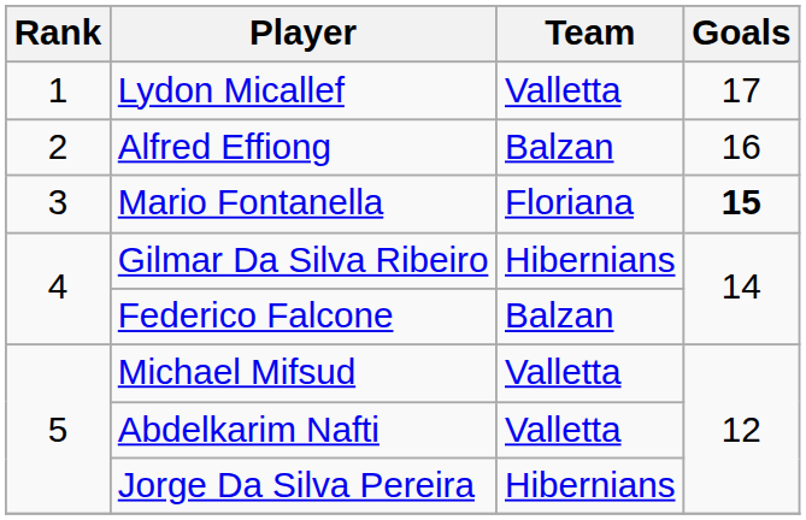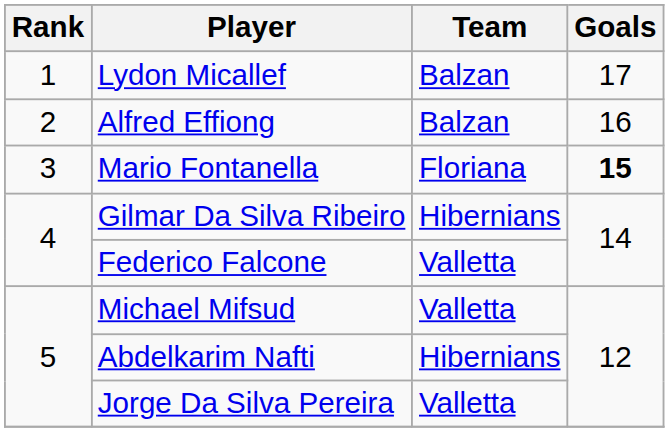 <table class="wikitable" style="text-align:center;">
 <tr>
 <th>Rank</th>
 <th>Player</th>
 <th>Team</th>
 <th>Goals</th>
 </tr>
 <tr>
 <td>1</td>
 <td align="left"> <a href='#'>Lydon Micallef</a></td>
-<td align="left"><a href='#'>Valletta</a></td>
+<td align="left"><a href='#'>Balzan</a></td>
 <td>17</td>
 </tr>
 <tr>
 <td>2</td>
 <td align="left"> <a href='#'>Alfred Effiong</a></td>
 <td align="left"><a href='#'>Balzan</a></td>
 <td>16</td>
 </tr>
 <tr>
 <td>3</td>
 <td align="left"> <a href='#'>Mario Fontanella</a></td>
 <td align="left"><a href='#'>Floriana</a></td>
 <td><strong>15</strong></td>
 </tr>
 <tr>
 <td rowspan="2">4</td>
 <td align="left"> <a href='#'>Gilmar Da Silva Ribeiro</a></td>
 <td align="left"><a href='#'>Hibernians</a></td>
 <td rowspan="2">14</td>
 </tr>
 <tr>
 <td align="left"> <a href='#'>Federico Falcone</a></td>
-<td align="left"><a href='#'>Balzan</a></td>
+<td align="left"><a href='#'>Valletta</a></td>
 </tr>
 <tr>
 <td rowspan="3">5</td>
 <td align="left"> <a href='#'>Michael Mifsud</a></td>
 <td align="left"><a href='#'>Valletta</a></td>
 <td rowspan="3">12</td>
 </tr>
 <tr>
 <td align="left"> <a href='#'>Abdelkarim Nafti</a></td>
-<td align="left"><a href='#'>Valletta</a></td>
+<td align="left"><a href='#'>Hibernians</a></td>
 </tr>
 <tr>
 <td align="left"> <a href='#'>Jorge Da Silva Pereira</a></td>
-<td align="left"><a href='#'>Hibernians</a></td>
+<td align="left"><a href='#'>Valletta</a></td>
 </tr>
 <tr>
 </tr>
 </table>
